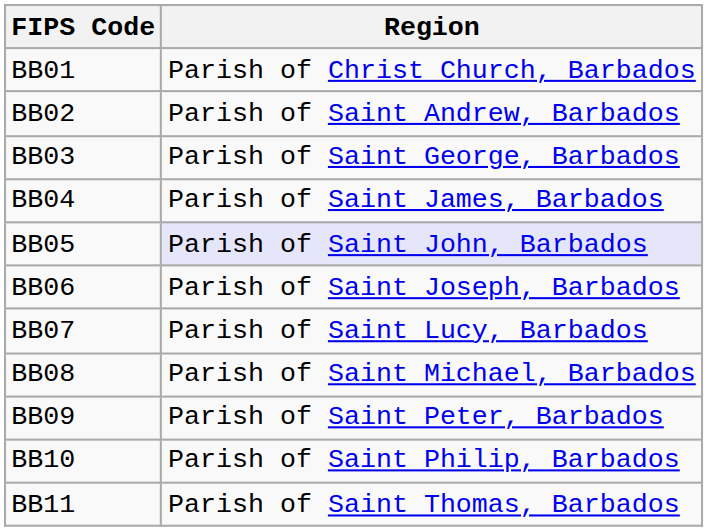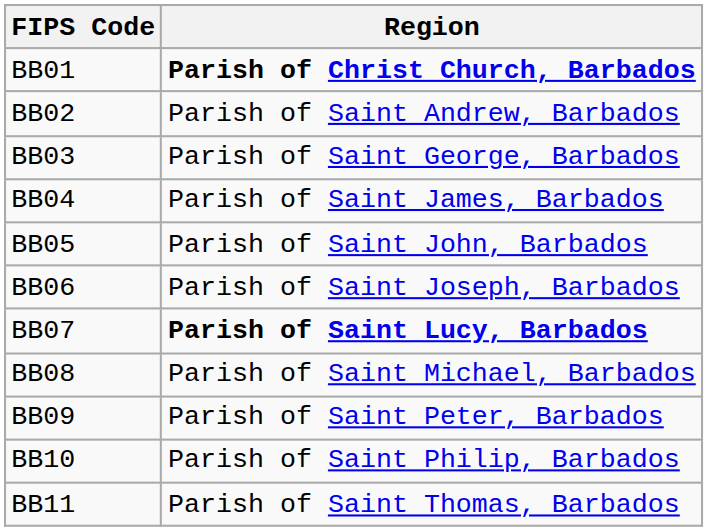 <table class="wikitable">
 <tr>
 <th>FIPS Code</th>
 <th>Region</th>
 </tr>
 <tr>
 <td>BB01</td>
-<td>Parish of <a href='#'>Christ Church, Barbados</a></td>
+<td><strong>Parish of <a href='#'>Christ Church, Barbados</a></strong></td>
 </tr>
 <tr>
 <td>BB02</td>
 <td>Parish of <a href='#'>Saint Andrew, Barbados</a></td>
 </tr>
 <tr>
 <td>BB03</td>
 <td>Parish of <a href='#'>Saint George, Barbados</a></td>
 </tr>
 <tr>
 <td>BB04</td>
 <td>Parish of <a href='#'>Saint James, Barbados</a></td>
 </tr>
 <tr>
 <td>BB05</td>
-<td style="background: lavender;">Parish of <a href='#'>Saint John, Barbados</a></td>
+<td>Parish of <a href='#'>Saint John, Barbados</a></td>
 </tr>
 <tr>
 <td>BB06</td>
 <td>Parish of <a href='#'>Saint Joseph, Barbados</a></td>
 </tr>
 <tr>
 <td>BB07</td>
-<td>Parish of <a href='#'>Saint Lucy, Barbados</a></td>
+<td><strong>Parish of <a href='#'>Saint Lucy, Barbados</a></strong></td>
 </tr>
 <tr>
 <td>BB08</td>
 <td>Parish of <a href='#'>Saint Michael, Barbados</a></td>
 </tr>
 <tr>
 <td>BB09</td>
 <td>Parish of <a href='#'>Saint Peter, Barbados</a></td>
 </tr>
 <tr>
 <td>BB10</td>
 <td>Parish of <a href='#'>Saint Philip, Barbados</a></td>
 </tr>
 <tr>
 <td>BB11</td>
 <td>Parish of <a href='#'>Saint Thomas, Barbados</a></td>
 </tr>
 </table>
